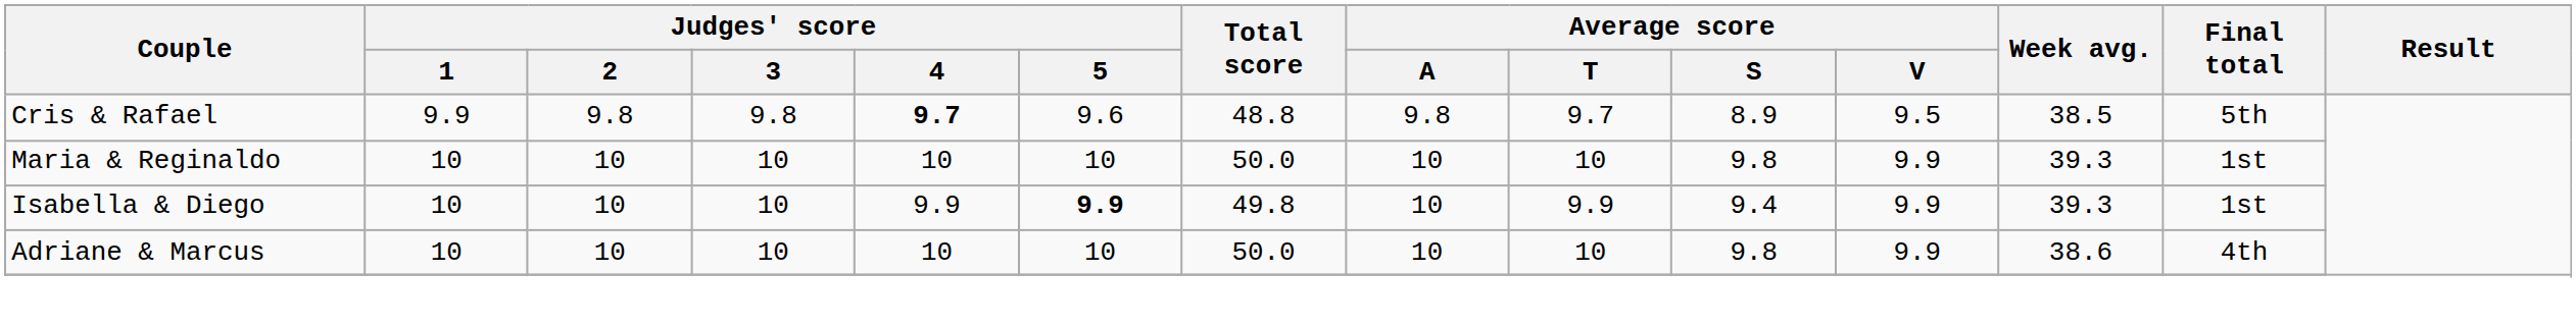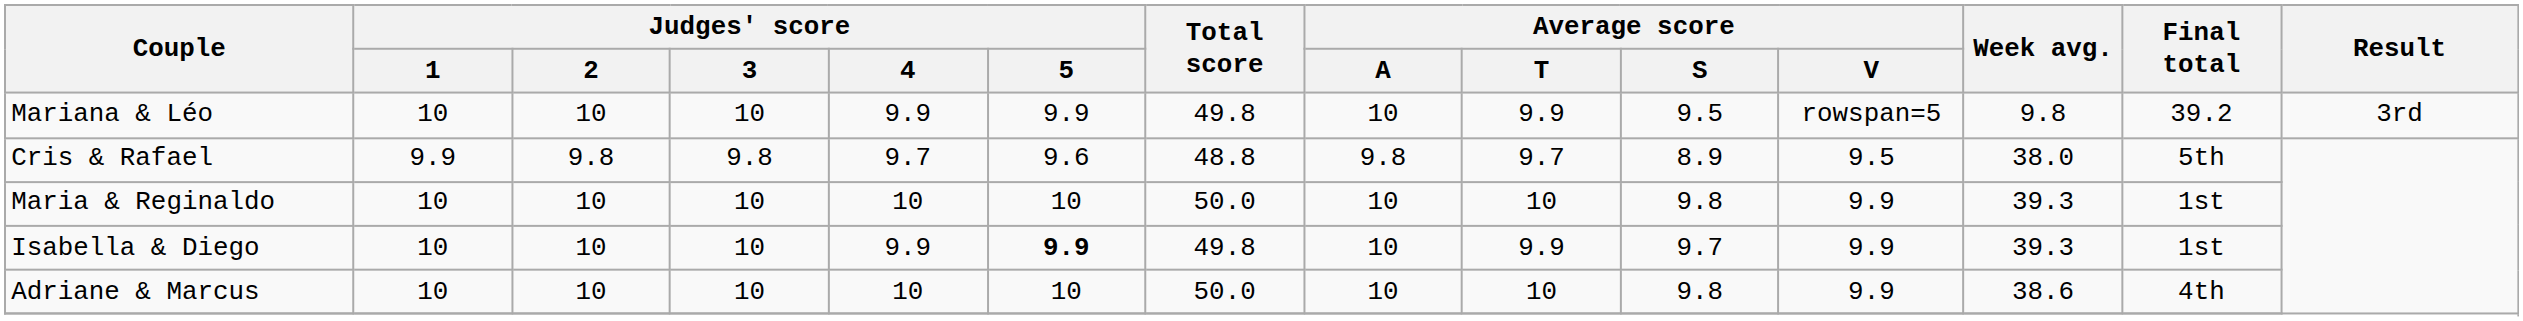 <table class="wikitable" style="font-size:100%; line-height:16px; text-align:center" width="100%">
 <tr>
 <th rowspan=2 style="width:11.0%;">Couple</th>
 <th colspan=5 style="width:25.0%;">Judges' score</th>
 <th rowspan=2 style="width:05.0%;">Total score</th>
 <th colspan=4 style="width:20.0%;">Average score</th>
 <th rowspan=2 style="width:05.0%;">Week avg.</th>
 <th rowspan=2 style="width:05.0%;">Final total</th>
 <th rowspan=2 style="width:07.5%;">Result</th>
 </tr>
 <tr>
 <th style="width:05.0%;">1</th>
 <th style="width:05.0%;">2</th>
 <th style="width:05.0%;">3</th>
 <th style="width:05.0%;">4</th>
 <th style="width:05.0%;">5</th>
 <th style="width:05.0%;">A</th>
 <th style="width:05.0%;">T</th>
 <th style="width:05.0%;">S</th>
 <th style="width:05.0%;">V</th>
 </tr>
 <tr>
+<td align="left">Mariana & Léo</td>
+<td>10</td>
+<td>10</td>
+<td>10</td>
+<td>9.9</td>
+<td>9.9</td>
+<td>49.8</td>
+<td>10</td>
+<td>9.9</td>
+<td>9.5</td>
+<td>rowspan=5 </td>
+<td>9.8</td>
+<td>39.2</td>
+<td>3rd</td>
+</tr>
+<tr>
 <td align="left">Cris & Rafael</td>
 <td>9.9</td>
 <td>9.8</td>
 <td>9.8</td>
-<td><strong>9.7</strong></td>
+<td>9.7</td>
 <td>9.6</td>
 <td>48.8</td>
 <td>9.8</td>
 <td>9.7</td>
 <td>8.9</td>
 <td>9.5</td>
-<td>38.5</td>
+<td>38.0</td>
 <td>5th</td>
 </tr>
 <tr>
 <td align="left">Maria & Reginaldo</td>
 <td>10</td>
 <td>10</td>
 <td>10</td>
 <td>10</td>
 <td>10</td>
 <td>50.0</td>
 <td>10</td>
 <td>10</td>
 <td>9.8</td>
 <td>9.9</td>
 <td>39.3</td>
 <td>1st</td>
 </tr>
 <tr>
 <td align="left">Isabella & Diego</td>
 <td>10</td>
 <td>10</td>
 <td>10</td>
 <td>9.9</td>
 <td><strong>9.9</strong></td>
 <td>49.8</td>
 <td>10</td>
 <td>9.9</td>
-<td>9.4</td>
+<td>9.7</td>
 <td>9.9</td>
 <td>39.3</td>
 <td>1st</td>
 </tr>
 <tr>
 <td align="left">Adriane & Marcus</td>
 <td>10</td>
 <td>10</td>
 <td>10</td>
 <td>10</td>
 <td>10</td>
 <td>50.0</td>
 <td>10</td>
 <td>10</td>
 <td>9.8</td>
 <td>9.9</td>
 <td>38.6</td>
 <td>4th</td>
 </tr>
 <tr>
 </tr>
 </table>
